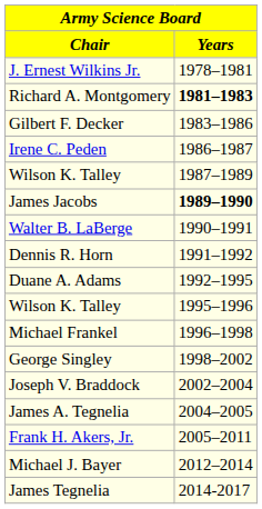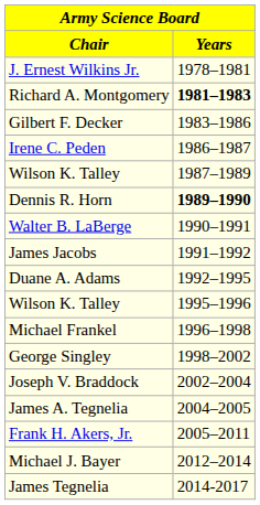 <table class="wikitable" style='background: #ffffe6; '>
 <tr>
 <th colspan="2" style="background: yellow"><em>Army Science Board</em></th>
 </tr>
 <tr>
 <th style="background: yellow"><em>Chair</em></th>
 <th style="background: yellow"><em>Years</em></th>
 </tr>
 <tr>
 <td><a href='#'>J. Ernest Wilkins Jr.</a></td>
 <td>1978–1981</td>
 </tr>
 <tr>
 <td>Richard A. Montgomery</td>
 <td><strong>1981–1983</strong></td>
 </tr>
 <tr>
 <td>Gilbert F. Decker</td>
 <td>1983–1986</td>
 </tr>
 <tr>
 <td><a href='#'>Irene C. Peden</a></td>
 <td>1986–1987</td>
 </tr>
 <tr>
 <td>Wilson K. Talley</td>
 <td>1987–1989</td>
 </tr>
 <tr>
-<td>James Jacobs</td>
+<td>Dennis R. Horn</td>
 <td><strong>1989–1990</strong></td>
 </tr>
 <tr>
 <td><a href='#'>Walter B. LaBerge</a></td>
 <td>1990–1991</td>
 </tr>
 <tr>
-<td>Dennis R. Horn</td>
+<td>James Jacobs</td>
 <td>1991–1992</td>
 </tr>
 <tr>
 <td>Duane A. Adams</td>
 <td>1992–1995</td>
 </tr>
 <tr>
 <td>Wilson K. Talley</td>
 <td>1995–1996</td>
 </tr>
 <tr>
 <td>Michael Frankel</td>
 <td>1996–1998</td>
 </tr>
 <tr>
 <td>George Singley</td>
 <td>1998–2002</td>
 </tr>
 <tr>
 <td>Joseph V. Braddock</td>
 <td>2002–2004</td>
 </tr>
 <tr>
 <td>James A. Tegnelia</td>
 <td>2004–2005</td>
 </tr>
 <tr>
 <td><a href='#'>Frank H. Akers, Jr.</a></td>
 <td>2005–2011</td>
 </tr>
 <tr>
 <td>Michael J. Bayer</td>
 <td>2012–2014</td>
 </tr>
 <tr>
 <td>James Tegnelia</td>
 <td>2014-2017</td>
 </tr>
 </table>
